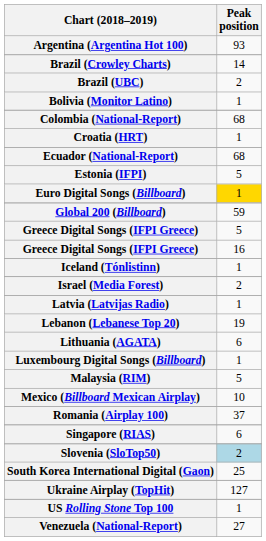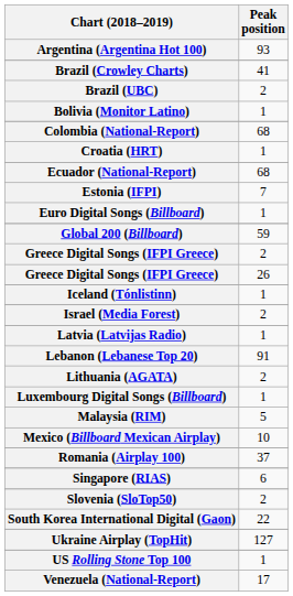 <table class="wikitable sortable plainrowheaders" style="text-align:center">
 <tr>
 <th scope="col">Chart (2018–2019)</th>
 <th scope="col">Peak<br> position</th>
 </tr>
 <tr>
 <th scope="row">Argentina (<a href='#'>Argentina Hot 100</a>)</th>
 <td>93</td>
 </tr>
 <tr>
 </tr>
 <tr>
 </tr>
 <tr>
 </tr>
 <tr>
 </tr>
 <tr>
 <th scope="row">Brazil (<a href='#'>Crowley Charts</a>)</th>
-<td>14</td>
+<td>41</td>
 </tr>
 <tr>
 <th scope="row">Brazil (<a href='#'>UBC</a>)</th>
 <td>2</td>
 </tr>
 <tr>
 <th scope="row">Bolivia (<a href='#'>Monitor Latino</a>)</th>
 <td>1</td>
 </tr>
 <tr>
 </tr>
 <tr>
 </tr>
 <tr>
 </tr>
 <tr>
 </tr>
 <tr>
 <th scope="row">Colombia (<a href='#'>National-Report</a>)</th>
 <td>68</td>
 </tr>
 <tr>
 <th scope="row">Croatia (<a href='#'>HRT</a>)</th>
 <td>1</td>
 </tr>
 <tr>
 </tr>
 <tr>
 </tr>
 <tr>
 </tr>
 <tr>
 <th scope="row">Ecuador (<a href='#'>National-Report</a>)</th>
 <td>68</td>
 </tr>
 <tr>
 <th scope="row">Estonia (<a href='#'>IFPI</a>)</th>
-<td>5</td>
+<td>7</td>
 </tr>
 <tr>
 <th scope="row">Euro Digital Songs (<a href='#'><em>Billboard</em></a>)</th>
-<td style="background: gold;">1</td>
+<td>1</td>
 </tr>
 <tr>
 </tr>
 <tr>
 </tr>
 <tr>
 </tr>
 <tr>
 <th scope="row"><a href='#'>Global 200</a> (<em><a href='#'>Billboard</a></em>)</th>
 <td>59</td>
 </tr>
 <tr>
 <th scope="row">Greece Digital Songs (<a href='#'>IFPI Greece</a>)</th>
-<td>5</td>
+<td>2</td>
 </tr>
 <tr>
 <th scope="row">Greece Digital Songs (<a href='#'>IFPI Greece</a>)<br></th>
-<td>16</td>
+<td>26</td>
 </tr>
 <tr>
 </tr>
 <tr>
 </tr>
 <tr>
 </tr>
 <tr>
 <th scope="row">Iceland (<a href='#'>Tónlistinn</a>)</th>
 <td>1</td>
 </tr>
 <tr>
 </tr>
 <tr>
 <th scope="row">Israel (<a href='#'>Media Forest</a>)</th>
 <td>2</td>
 </tr>
 <tr>
 </tr>
 <tr>
 </tr>
 <tr>
 <th scope="row">Latvia (<a href='#'>Latvijas Radio</a>)</th>
 <td>1</td>
 </tr>
 <tr>
 <th scope="row">Lebanon (<a href='#'>Lebanese Top 20</a>)</th>
-<td>19</td>
+<td>91</td>
 </tr>
 <tr>
 <th scope="row">Lithuania (<a href='#'>AGATA</a>)</th>
-<td>6</td>
+<td>2</td>
 </tr>
 <tr>
 <th scope="row">Luxembourg Digital Songs (<a href='#'><em>Billboard</em></a>)</th>
 <td>1</td>
 </tr>
 <tr>
 <th scope="row">Malaysia (<a href='#'>RIM</a>)</th>
 <td>5</td>
 </tr>
 <tr>
 <th scope="row">Mexico (<a href='#'><em>Billboard</em> Mexican Airplay</a>)</th>
 <td>10</td>
 </tr>
 <tr>
 </tr>
 <tr>
 </tr>
 <tr>
 </tr>
 <tr>
 </tr>
 <tr>
 </tr>
 <tr>
 </tr>
 <tr>
 <th scope="row">Romania (<a href='#'>Airplay 100</a>)</th>
 <td>37</td>
 </tr>
 <tr>
 </tr>
 <tr>
 <th scope="row">Singapore (<a href='#'>RIAS</a>)</th>
 <td>6</td>
 </tr>
 <tr>
 </tr>
 <tr>
 </tr>
 <tr>
 <th scope="row">Slovenia (<a href='#'>SloTop50</a>)</th>
-<td style="background: lightblue;">2</td>
+<td>2</td>
 </tr>
 <tr>
 <th scope="row">South Korea International Digital (<a href='#'>Gaon</a>)</th>
-<td>25</td>
+<td>22</td>
 </tr>
 <tr>
 </tr>
 <tr>
 </tr>
 <tr>
 </tr>
 <tr>
 </tr>
 <tr>
 <th scope="row">Ukraine Airplay (<a href='#'>TopHit</a>)</th>
 <td style="text-align:center;">127</td>
 </tr>
 <tr>
 </tr>
 <tr>
 </tr>
 <tr>
 </tr>
 <tr>
 </tr>
 <tr>
 </tr>
 <tr>
 </tr>
 <tr>
 <th scope="row">US <a href='#'><em>Rolling Stone</em> Top 100</a></th>
 <td>1</td>
 </tr>
 <tr>
 <th scope="row">Venezuela (<a href='#'>National-Report</a>)</th>
-<td>27</td>
+<td>17</td>
 </tr>
 </table>
